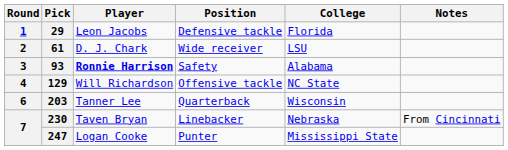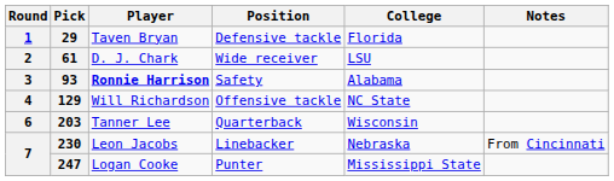 <table class="wikitable">
 <tr>
 <th>Round</th>
 <th>Pick</th>
 <th>Player</th>
 <th>Position</th>
 <th>College</th>
 <th>Notes</th>
 </tr>
 <tr>
 <th><a href='#'>1</a></th>
 <th>29</th>
-<td><a href='#'>Leon Jacobs</a></td>
+<td><a href='#'>Taven Bryan</a></td>
 <td><a href='#'>Defensive tackle</a></td>
 <td><a href='#'>Florida</a></td>
 <td></td>
 </tr>
 <tr>
 <th>2</th>
 <th>61</th>
 <td><a href='#'>D. J. Chark</a></td>
 <td><a href='#'>Wide receiver</a></td>
 <td><a href='#'>LSU</a></td>
 <td></td>
 </tr>
 <tr>
 <th>3</th>
 <th>93</th>
 <td><strong><a href='#'>Ronnie Harrison</a></strong></td>
 <td><a href='#'>Safety</a></td>
 <td><a href='#'>Alabama</a></td>
 <td></td>
 </tr>
 <tr>
 <th>4</th>
 <th>129</th>
 <td><a href='#'>Will Richardson</a></td>
 <td><a href='#'>Offensive tackle</a></td>
 <td><a href='#'>NC State</a></td>
 <td></td>
 </tr>
 <tr>
 <th>6</th>
 <th>203</th>
 <td><a href='#'>Tanner Lee</a></td>
 <td><a href='#'>Quarterback</a></td>
 <td><a href='#'>Wisconsin</a></td>
 <td></td>
 </tr>
 <tr>
 <th rowspan="2">7</th>
 <th>230</th>
-<td><a href='#'>Taven Bryan</a></td>
+<td><a href='#'>Leon Jacobs</a></td>
 <td><a href='#'>Linebacker</a></td>
 <td><a href='#'>Nebraska</a></td>
 <td>From <a href='#'>Cincinnati</a></td>
 </tr>
 <tr>
 <th>247</th>
 <td><a href='#'>Logan Cooke</a></td>
 <td><a href='#'>Punter</a></td>
 <td><a href='#'>Mississippi State</a></td>
 <td></td>
 </tr>
 </table>
